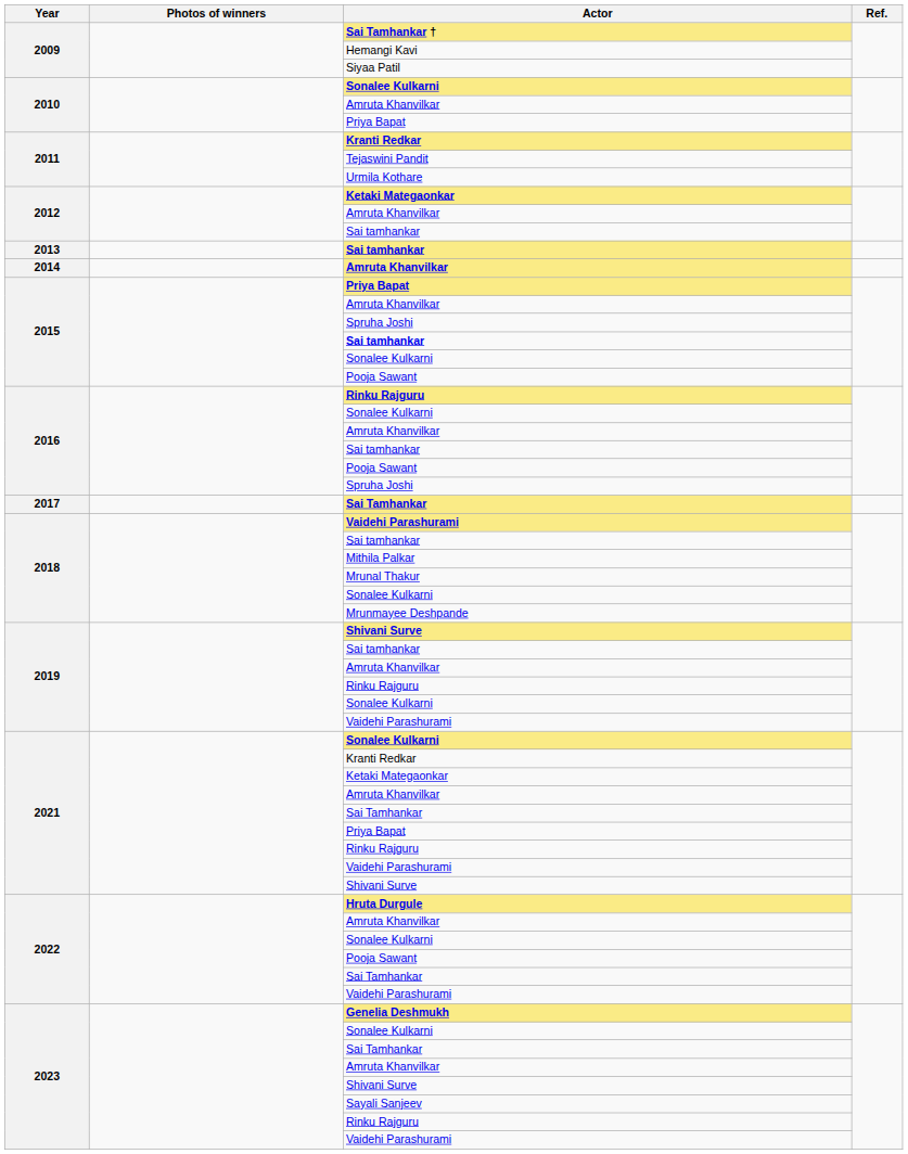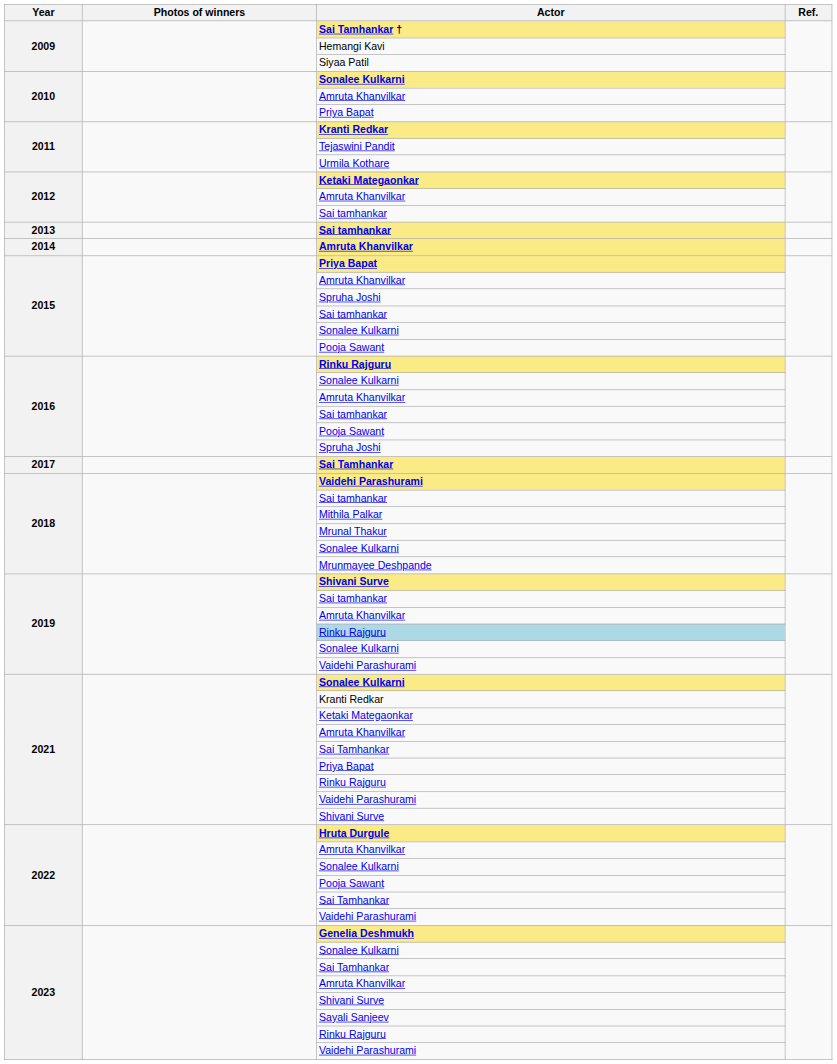 <table class="wikitable sortable" style="text-align:left;">
 <tr>
 <th scope="col" style="width:5%; text-align:center;">Year</th>
 <th scope="col" style="width:15%;text-align:center;">Photos of winners</th>
 <th scope="col" style="width:30%;text-align:center;">Actor</th>
 <th scope="col" style="width:3%;text-align:center;">Ref.</th>
 </tr>
 <tr>
 <th rowspan="3" scope="row" style="text-align:center">2009</th>
 <td rowspan="3" style="text-align:center"></td>
 <td style="background:#FAEB86;"><strong><a href='#'>Sai Tamhankar</a> †</strong></td>
 <td rowspan="3"></td>
 </tr>
 <tr>
 <td>Hemangi Kavi</td>
 </tr>
 <tr>
 <td>Siyaa Patil</td>
 </tr>
 <tr>
 <th rowspan="3">2010</th>
 <td rowspan="3" style="text-align:center"></td>
 <td style="background:#FAEB86;"><strong><a href='#'>Sonalee Kulkarni</a></strong></td>
 <td rowspan="3"></td>
 </tr>
 <tr>
 <td><a href='#'>Amruta Khanvilkar</a></td>
 </tr>
 <tr>
 <td><a href='#'>Priya Bapat</a></td>
 </tr>
 <tr>
 <th rowspan="3">2011</th>
 <td rowspan="3" style="text-align:center"></td>
 <td style="background:#FAEB86;"><strong><a href='#'>Kranti Redkar</a></strong></td>
 <td rowspan="3"></td>
 </tr>
 <tr>
 <td><a href='#'>Tejaswini Pandit</a></td>
 </tr>
 <tr>
 <td><a href='#'>Urmila Kothare</a></td>
 </tr>
 <tr>
 <th rowspan="3">2012</th>
 <td rowspan="3" style="text-align:center"></td>
 <td style="background:#FAEB86;"><strong><a href='#'>Ketaki Mategaonkar</a></strong></td>
 <td rowspan="3"></td>
 </tr>
 <tr>
 <td><a href='#'>Amruta Khanvilkar</a></td>
 </tr>
 <tr>
 <td><a href='#'>Sai tamhankar</a></td>
 </tr>
 <tr>
 <th>2013</th>
 <td style="text-align:center"></td>
 <td style="background:#FAEB86;"><a href='#'><strong>Sai tamhankar</strong></a></td>
 <td></td>
 </tr>
 <tr>
 <th>2014</th>
 <td style="text-align:center"></td>
 <td style="background:#FAEB86;"><strong><a href='#'>Amruta Khanvilkar</a></strong></td>
 <td></td>
 </tr>
 <tr>
 <th rowspan="6">2015</th>
 <td rowspan="6" style="text-align:center"></td>
 <td style="background:#FAEB86;"><strong><a href='#'>Priya Bapat</a></strong></td>
 <td rowspan="6"></td>
 </tr>
 <tr>
 <td><a href='#'>Amruta Khanvilkar</a></td>
 </tr>
 <tr>
 <td><a href='#'>Spruha Joshi</a></td>
 </tr>
 <tr>
-<td><strong><a href='#'>Sai tamhankar</a></strong></td>
+<td><a href='#'>Sai tamhankar</a></td>
 </tr>
 <tr>
 <td><a href='#'>Sonalee Kulkarni</a></td>
 </tr>
 <tr>
 <td><a href='#'>Pooja Sawant</a></td>
 </tr>
 <tr>
 <th rowspan="6">2016</th>
 <td rowspan="6" style="text-align:center"></td>
 <td style="background:#FAEB86;"><strong><a href='#'>Rinku Rajguru</a>         </strong></td>
 <td rowspan="6"></td>
 </tr>
 <tr>
 <td><a href='#'>Sonalee Kulkarni</a></td>
 </tr>
 <tr>
 <td><a href='#'>Amruta Khanvilkar</a></td>
 </tr>
 <tr>
 <td><a href='#'>Sai tamhankar</a></td>
 </tr>
 <tr>
 <td><a href='#'>Pooja Sawant</a></td>
 </tr>
 <tr>
 <td><a href='#'>Spruha Joshi</a></td>
 </tr>
 <tr>
 <th>2017</th>
 <td style="text-align:center"></td>
 <td style="background:#FAEB86;"><strong><a href='#'>Sai Tamhankar</a></strong></td>
 <td></td>
 </tr>
 <tr>
 <th rowspan="6">2018</th>
 <td rowspan="6" style="text-align:center"></td>
 <td style="background:#FAEB86;"><strong><a href='#'>Vaidehi Parashurami</a></strong></td>
 <td rowspan="6"></td>
 </tr>
 <tr>
 <td><a href='#'>Sai tamhankar</a></td>
 </tr>
 <tr>
 <td><a href='#'>Mithila Palkar</a></td>
 </tr>
 <tr>
 <td><a href='#'>Mrunal Thakur</a></td>
 </tr>
 <tr>
 <td><a href='#'>Sonalee Kulkarni</a></td>
 </tr>
 <tr>
 <td><a href='#'>Mrunmayee Deshpande</a></td>
 </tr>
 <tr>
 <th rowspan="6">2019</th>
 <td rowspan="6" style="text-align:center"></td>
 <td style="background:#FAEB86;"><strong><a href='#'>Shivani Surve</a></strong></td>
 <td rowspan="6"></td>
 </tr>
 <tr>
 <td><a href='#'>Sai tamhankar</a></td>
 </tr>
 <tr>
 <td><a href='#'>Amruta Khanvilkar</a></td>
 </tr>
 <tr>
-<td><a href='#'>Rinku Rajguru</a></td>
+<td style="background: lightblue;"><a href='#'>Rinku Rajguru</a></td>
 </tr>
 <tr>
 <td><a href='#'>Sonalee Kulkarni</a></td>
 </tr>
 <tr>
 <td><a href='#'>Vaidehi Parashurami</a></td>
 </tr>
 <tr>
 <th rowspan="9">2021</th>
 <td rowspan="9" style="text-align:center"></td>
 <td style="background:#FAEB86;"><strong><a href='#'>Sonalee Kulkarni</a></strong></td>
 <td rowspan="9"></td>
 </tr>
 <tr>
 <td>Kranti Redkar</td>
 </tr>
 <tr>
 <td><a href='#'>Ketaki Mategaonkar</a></td>
 </tr>
 <tr>
 <td><a href='#'>Amruta Khanvilkar</a></td>
 </tr>
 <tr>
 <td><a href='#'>Sai Tamhankar</a></td>
 </tr>
 <tr>
 <td><a href='#'>Priya Bapat</a></td>
 </tr>
 <tr>
 <td><a href='#'>Rinku Rajguru</a></td>
 </tr>
 <tr>
 <td><a href='#'>Vaidehi Parashurami</a></td>
 </tr>
 <tr>
 <td><a href='#'>Shivani Surve</a></td>
 </tr>
 <tr>
 <th rowspan="6">2022</th>
 <td rowspan="6" style="text-align:center"></td>
 <td style="background:#FAEB86;"><strong><a href='#'>Hruta Durgule</a></strong></td>
 <td rowspan="6"></td>
 </tr>
 <tr>
 <td><a href='#'>Amruta Khanvilkar</a></td>
 </tr>
 <tr>
 <td><a href='#'>Sonalee Kulkarni</a></td>
 </tr>
 <tr>
 <td><a href='#'>Pooja Sawant</a></td>
 </tr>
 <tr>
 <td><a href='#'>Sai Tamhankar</a></td>
 </tr>
 <tr>
 <td><a href='#'>Vaidehi Parashurami</a></td>
 </tr>
 <tr>
 <th rowspan="8">2023</th>
 <td rowspan="8" style="text-align:center"></td>
 <td style="background:#FAEB86;"><strong><a href='#'>Genelia Deshmukh</a></strong></td>
 <td rowspan="8"></td>
 </tr>
 <tr>
 <td><a href='#'>Sonalee Kulkarni</a></td>
 </tr>
 <tr>
 <td><a href='#'>Sai Tamhankar</a></td>
 </tr>
 <tr>
 <td><a href='#'>Amruta Khanvilkar</a></td>
 </tr>
 <tr>
 <td><a href='#'>Shivani Surve</a></td>
 </tr>
 <tr>
 <td><a href='#'>Sayali Sanjeev</a></td>
 </tr>
 <tr>
 <td><a href='#'>Rinku Rajguru</a></td>
 </tr>
 <tr>
 <td><a href='#'>Vaidehi Parashurami</a></td>
 </tr>
 </table>
